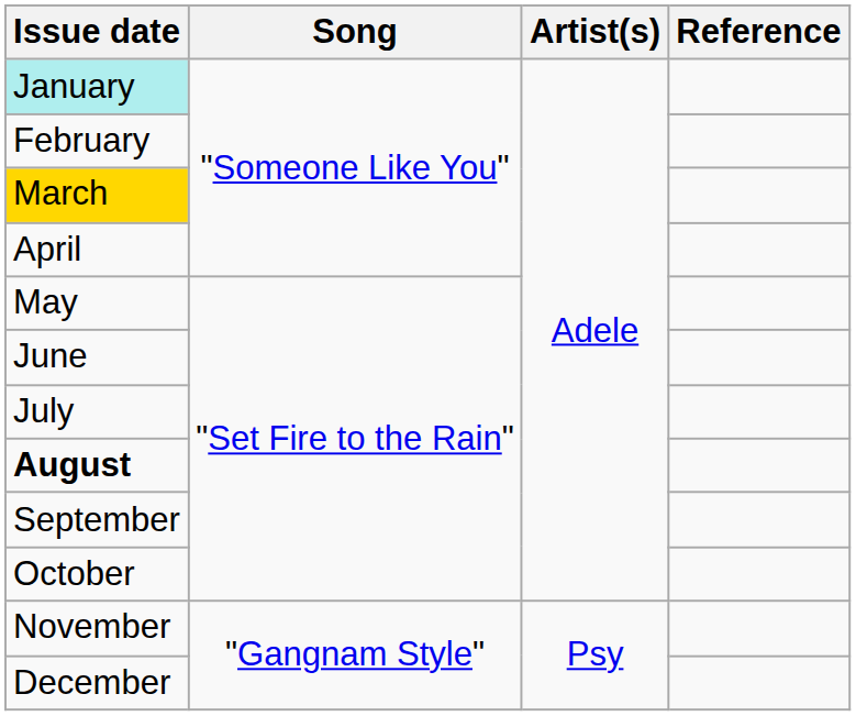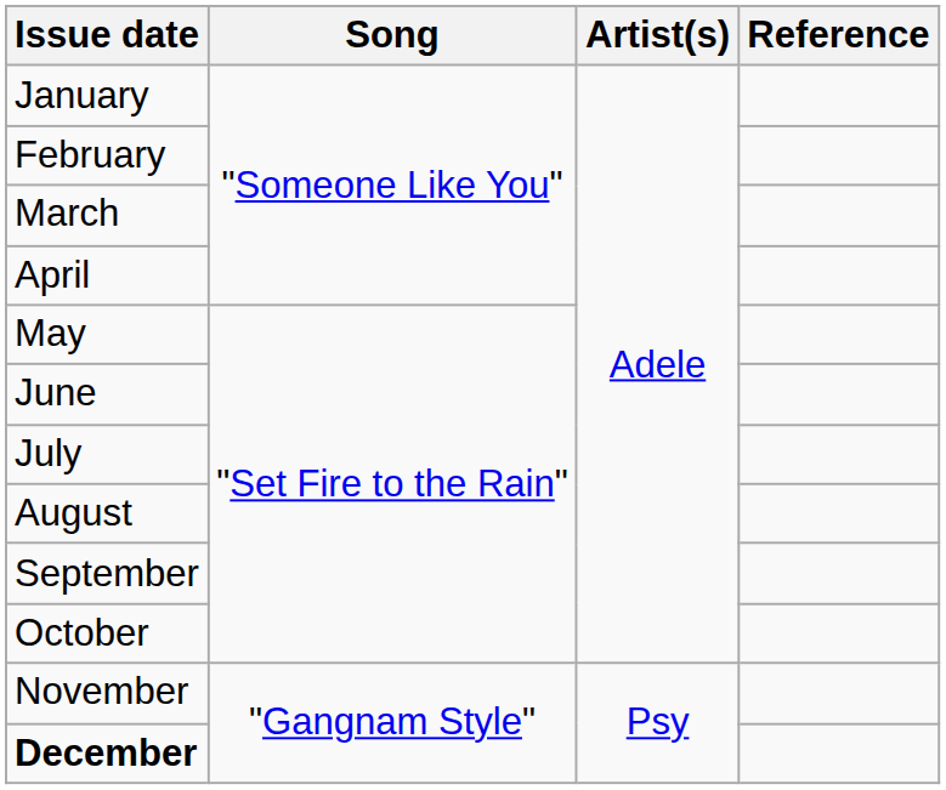 <table class="wikitable">
 <tr>
 <th style="text-align: center;">Issue date</th>
 <th style="text-align: center;">Song</th>
 <th style="text-align: center;">Artist(s)</th>
 <th style="text-align: center;">Reference</th>
 </tr>
 <tr>
-<td style="background: paleturquoise;">January</td>
+<td>January</td>
 <td style="text-align: center;" rowspan="4">"<a href='#'>Someone Like You</a>"</td>
 <td style="text-align: center;" rowspan="10"><a href='#'>Adele</a></td>
 <td style="text-align: center;" rowspan="1"></td>
 </tr>
 <tr>
 <td>February</td>
 <td style="text-align: center;"></td>
 </tr>
 <tr>
-<td style="background: gold;">March</td>
+<td>March</td>
 <td style="text-align: center;"></td>
 </tr>
 <tr>
 <td>April</td>
 <td style="text-align: center;"></td>
 </tr>
 <tr>
 <td>May</td>
 <td style="text-align: center;" rowspan="6">"<a href='#'>Set Fire to the Rain</a>"</td>
 <td style="text-align: center;"></td>
 </tr>
 <tr>
 <td>June</td>
 <td style="text-align: center;"></td>
 </tr>
 <tr>
 <td>July</td>
 <td style="text-align: center;"></td>
 </tr>
 <tr>
-<td><strong>August</strong></td>
+<td>August</td>
 <td style="text-align: center;"></td>
 </tr>
 <tr>
 <td>September</td>
 <td style="text-align: center;"></td>
 </tr>
 <tr>
 <td>October</td>
 <td style="text-align: center;"></td>
 </tr>
 <tr>
 <td>November</td>
 <td style="text-align: center;" rowspan="2">"<a href='#'>Gangnam Style</a>"</td>
 <td style="text-align: center;" rowspan="2"><a href='#'>Psy</a></td>
 <td style="text-align: center;"></td>
 </tr>
 <tr>
-<td>December</td>
+<td><strong>December</strong></td>
 <td style="text-align: center;"></td>
 </tr>
 </table>
